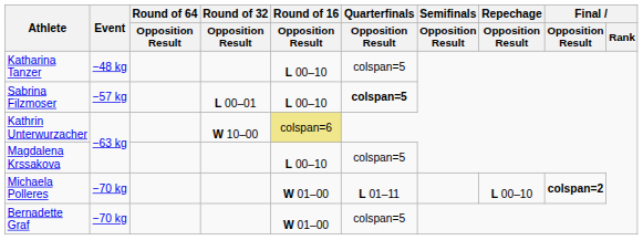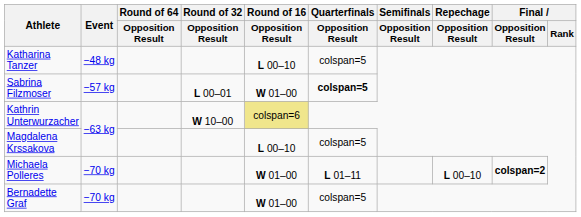 <table class="wikitable" style="text-align:center; font-size:90%">
 <tr>
 <th rowspan=2 width=100>Athlete</th>
 <th rowspan=2>Event</th>
 <th>Round of 64</th>
 <th>Round of 32</th>
 <th>Round of 16</th>
 <th>Quarterfinals</th>
 <th>Semifinals</th>
 <th>Repechage</th>
 <th colspan=2>Final / </th>
 </tr>
 <tr style="font-size:95%">
 <th>Opposition<br>Result</th>
 <th>Opposition<br>Result</th>
 <th>Opposition<br>Result</th>
 <th>Opposition<br>Result</th>
 <th>Opposition<br>Result</th>
 <th>Opposition<br>Result</th>
 <th>Opposition<br>Result</th>
 <th>Rank</th>
 </tr>
 <tr>
 <td align=left><a href='#'>Katharina Tanzer</a></td>
 <td align=left><a href='#'>−48 kg</a></td>
 <td></td>
 <td></td>
 <td><br><strong>L</strong> 00–10</td>
 <td>colspan=5 </td>
 </tr>
 <tr>
 <td align=left><a href='#'>Sabrina Filzmoser</a></td>
 <td align=left><a href='#'>−57 kg</a></td>
 <td></td>
 <td><br><strong>L</strong> 00–01</td>
-<td><br><strong>L</strong> 00–10</td>
+<td><br><strong>W</strong> 01–00</td>
 <td><strong>colspan=5 </strong></td>
 </tr>
 <tr>
 <td align=left><a href='#'>Kathrin Unterwurzacher</a></td>
 <td align=left rowspan=2><a href='#'>−63 kg</a></td>
 <td></td>
 <td><br><strong>W</strong> 10–00</td>
 <td style="background: khaki;">colspan=6 </td>
 </tr>
 <tr>
 <td align=left><a href='#'>Magdalena Krssakova </a></td>
 <td></td>
 <td></td>
 <td><br><strong>L</strong> 00–10</td>
 <td>colspan=5 </td>
 </tr>
 <tr>
 <td align=left><a href='#'>Michaela Polleres</a></td>
 <td align=left><a href='#'>−70 kg</a></td>
 <td></td>
 <td></td>
 <td><br><strong>W</strong> 01–00</td>
 <td><br><strong>L</strong> 01–11</td>
 <td></td>
 <td><br><strong>L</strong> 00–10</td>
 <td><strong>colspan=2 </strong></td>
 </tr>
 <tr>
 <td align=left><a href='#'>Bernadette Graf</a></td>
 <td align=left><a href='#'>−70 kg</a></td>
 <td></td>
 <td></td>
 <td><br><strong>W</strong> 01–00</td>
 <td>colspan=5 </td>
 </tr>
 </table>
